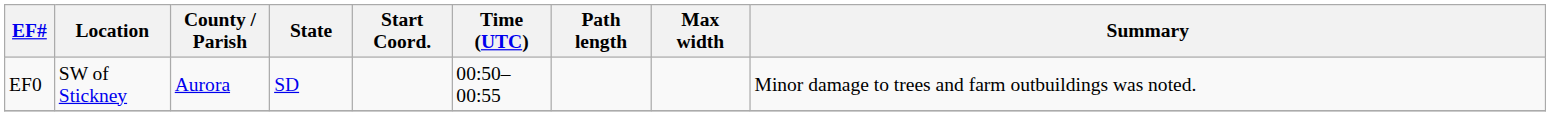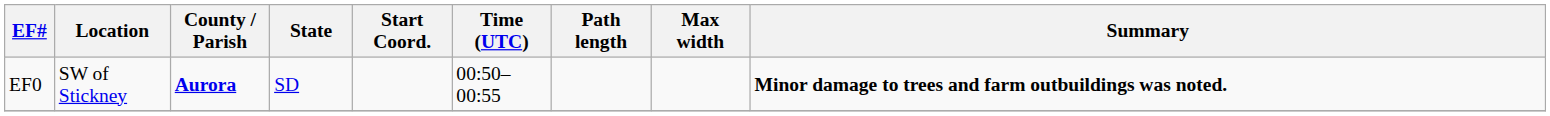 <table class="wikitable sortable" style="width:100%;">
 <tr>
 <th scope="col"  style="width:3%; text-align:center;"><a href='#'>EF#</a></th>
 <th scope="col"  style="width:7%; text-align:center;" class="unsortable">Location</th>
 <th scope="col"  style="width:6%; text-align:center;" class="unsortable">County / Parish</th>
 <th scope="col"  style="width:5%; text-align:center;">State</th>
 <th scope="col"  style="width:6%; text-align:center;">Start Coord.</th>
 <th scope="col"  style="width:6%; text-align:center;">Time (<a href='#'>UTC</a>)</th>
 <th scope="col"  style="width:6%; text-align:center;">Path length</th>
 <th scope="col"  style="width:6%; text-align:center;">Max width</th>
 <th scope="col" class="unsortable" style="width:48%; text-align:center;">Summary</th>
 </tr>
 <tr>
 <td>EF0</td>
 <td>SW of <a href='#'>Stickney</a></td>
-<td><a href='#'>Aurora</a></td>
+<td><strong><a href='#'>Aurora</a></strong></td>
 <td><a href='#'>SD</a></td>
 <td></td>
 <td>00:50–00:55</td>
 <td></td>
 <td></td>
-<td>Minor damage to trees and farm outbuildings was noted.</td>
+<td><strong>Minor damage to trees and farm outbuildings was noted.</strong></td>
 </tr>
 <tr>
 </tr>
 </table>
